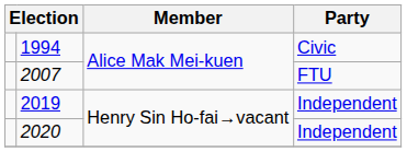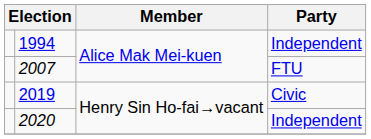 <table class="wikitable">
 <tr>
 <th colspan="2">Election</th>
 <th>Member</th>
 <th>Party</th>
 </tr>
 <tr>
 <td style="background-color: "></td>
 <td><a href='#'>1994</a></td>
 <td rowspan=2><a href='#'>Alice Mak Mei-kuen</a></td>
-<td><a href='#'>Civic</a></td>
+<td><a href='#'>Independent</a></td>
 </tr>
 <tr>
 <td style="background-color: "></td>
 <td><em>2007</em></td>
 <td><a href='#'>FTU</a></td>
 </tr>
 <tr>
 <td style="background-color: "></td>
 <td><a href='#'>2019</a></td>
 <td rowspan=2>Henry Sin Ho-fai→vacant</td>
-<td><a href='#'>Independent</a></td>
+<td><a href='#'>Civic</a></td>
 </tr>
 <tr>
 <td style="background-color: "></td>
 <td><em>2020</em></td>
 <td><a href='#'>Independent</a></td>
 </tr>
 <tr>
 </tr>
 </table>
